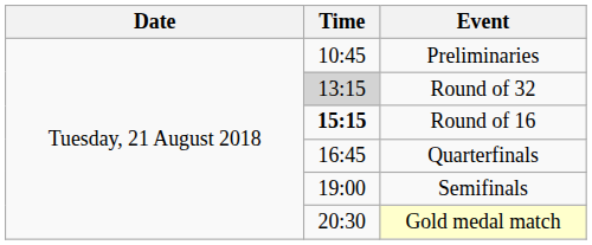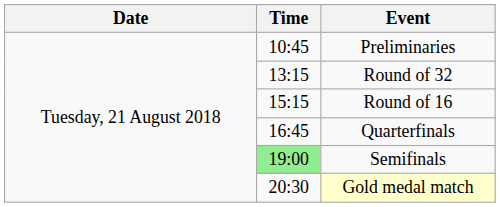 <table class = "wikitable" style="text-align:center;">
 <tr>
 <th width=220>Date</th>
 <th width=50>Time</th>
 <th width=150>Event</th>
 </tr>
 <tr>
 <td rowspan=6>Tuesday, 21 August 2018</td>
 <td>10:45</td>
 <td>Preliminaries</td>
 </tr>
 <tr>
-<td style="background: lightgrey;">13:15</td>
+<td>13:15</td>
 <td>Round of 32</td>
 </tr>
 <tr>
-<td><strong>15:15</strong></td>
+<td>15:15</td>
 <td>Round of 16</td>
 </tr>
 <tr>
 <td>16:45</td>
 <td>Quarterfinals</td>
 </tr>
 <tr>
-<td>19:00</td>
+<td style="background: lightgreen;">19:00</td>
 <td>Semifinals</td>
 </tr>
 <tr>
 <td>20:30</td>
 <td bgcolor=ffffcc>Gold medal match</td>
 </tr>
 </table>
